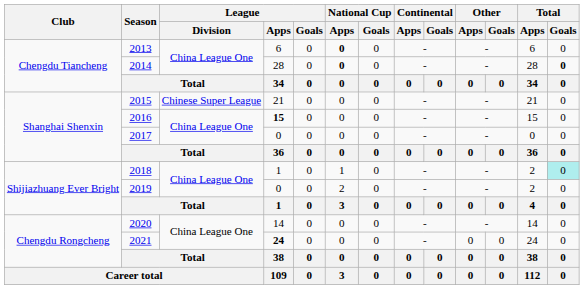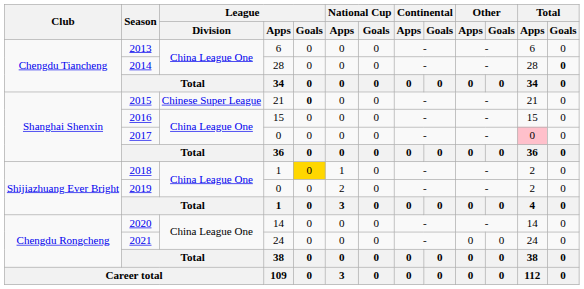 <table class="wikitable" style="text-align: center">
 <tr>
 <th rowspan="2">Club</th>
 <th rowspan="2">Season</th>
 <th colspan="3">League</th>
 <th colspan="2">National Cup</th>
 <th colspan="2">Continental</th>
 <th colspan="2">Other</th>
 <th colspan="2">Total</th>
 </tr>
 <tr>
 <th>Division</th>
 <th>Apps</th>
 <th>Goals</th>
 <th>Apps</th>
 <th>Goals</th>
 <th>Apps</th>
 <th>Goals</th>
 <th>Apps</th>
 <th>Goals</th>
 <th>Apps</th>
 <th>Goals</th>
 </tr>
 <tr>
 <td rowspan=3><a href='#'>Chengdu Tiancheng</a></td>
 <td><a href='#'>2013</a></td>
 <td rowspan="2"><a href='#'>China League One</a></td>
 <td>6</td>
 <td>0</td>
-<td><strong>0</strong></td>
+<td>0</td>
 <td>0</td>
 <td colspan="2">-</td>
 <td colspan="2">-</td>
 <td>6</td>
 <td>0</td>
 </tr>
 <tr>
 <td><a href='#'>2014</a></td>
 <td>28</td>
 <td>0</td>
-<td><strong>0</strong></td>
+<td>0</td>
 <td>0</td>
 <td colspan="2">-</td>
 <td colspan="2">-</td>
 <td>28</td>
 <td><strong>0</strong></td>
 </tr>
 <tr>
 <th colspan=2>Total</th>
 <th>34</th>
 <th>0</th>
 <th>0</th>
 <th>0</th>
 <th>0</th>
 <th>0</th>
 <th>0</th>
 <th>0</th>
 <th>34</th>
 <th>0</th>
 </tr>
 <tr>
 <td rowspan=4><a href='#'>Shanghai Shenxin</a></td>
 <td><a href='#'>2015</a></td>
 <td><a href='#'>Chinese Super League</a></td>
 <td>21</td>
-<td>0</td>
+<td><strong>0</strong></td>
 <td>0</td>
 <td>0</td>
 <td colspan="2">-</td>
 <td colspan="2">-</td>
 <td>21</td>
 <td>0</td>
 </tr>
 <tr>
 <td><a href='#'>2016</a></td>
 <td rowspan="2"><a href='#'>China League One</a></td>
-<td><strong>15</strong></td>
+<td>15</td>
 <td>0</td>
 <td>0</td>
 <td>0</td>
 <td colspan="2">-</td>
 <td colspan="2">-</td>
 <td>15</td>
 <td>0</td>
 </tr>
 <tr>
 <td><a href='#'>2017</a></td>
 <td>0</td>
 <td>0</td>
 <td>0</td>
 <td>0</td>
 <td colspan="2">-</td>
 <td colspan="2">-</td>
-<td>0</td>
+<td style="background: pink;">0</td>
 <td>0</td>
 </tr>
 <tr>
 <th colspan=2>Total</th>
 <th>36</th>
 <th>0</th>
 <th>0</th>
 <th>0</th>
 <th>0</th>
 <th>0</th>
 <th>0</th>
 <th>0</th>
 <th>36</th>
 <th>0</th>
 </tr>
 <tr>
 <td rowspan=3><a href='#'>Shijiazhuang Ever Bright</a></td>
 <td><a href='#'>2018</a></td>
 <td rowspan="2"><a href='#'>China League One</a></td>
 <td>1</td>
-<td>0</td>
+<td style="background: gold;">0</td>
 <td>1</td>
 <td>0</td>
 <td colspan="2">-</td>
 <td colspan="2">-</td>
 <td>2</td>
-<td style="background: paleturquoise;">0</td>
+<td>0</td>
 </tr>
 <tr>
 <td><a href='#'>2019</a></td>
 <td>0</td>
 <td>0</td>
 <td>2</td>
 <td>0</td>
 <td colspan="2">-</td>
 <td colspan="2">-</td>
 <td>2</td>
 <td>0</td>
 </tr>
 <tr>
 <th colspan=2>Total</th>
 <th>1</th>
 <th>0</th>
 <th>3</th>
 <th>0</th>
 <th>0</th>
 <th>0</th>
 <th>0</th>
 <th>0</th>
 <th>4</th>
 <th>0</th>
 </tr>
 <tr>
 <td rowspan=3><a href='#'>Chengdu Rongcheng</a></td>
 <td><a href='#'>2020</a></td>
 <td rowspan=2>China League One</td>
 <td>14</td>
 <td>0</td>
 <td>0</td>
 <td>0</td>
 <td colspan="2">-</td>
 <td colspan="2">-</td>
 <td>14</td>
 <td>0</td>
 </tr>
 <tr>
 <td><a href='#'>2021</a></td>
-<td><strong>24</strong></td>
+<td>24</td>
 <td>0</td>
 <td>0</td>
 <td>0</td>
 <td colspan="2">-</td>
 <td>0</td>
 <td>0</td>
 <td>24</td>
 <td>0</td>
 </tr>
 <tr>
 <th colspan=2>Total</th>
 <th>38</th>
 <th>0</th>
 <th>0</th>
 <th>0</th>
 <th>0</th>
 <th>0</th>
 <th>0</th>
 <th>0</th>
 <th>38</th>
 <th>0</th>
 </tr>
 <tr>
 <th colspan=3>Career total</th>
 <th>109</th>
 <th>0</th>
 <th>3</th>
 <th>0</th>
 <th>0</th>
 <th>0</th>
 <th>0</th>
 <th>0</th>
 <th>112</th>
 <th>0</th>
 </tr>
 </table>
